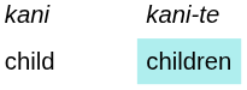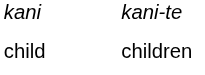 <table border="0" cellspacing="0" cellpadding="6" style="border-collapse:collapse">
 <tr>
 <td>   </td>
 <td><em>kani </em></td>
 <td>        </td>
 <td><em>kani-te</em></td>
 </tr>
 <tr>
 <td></td>
 <td>child</td>
 <td></td>
-<td style="background: paleturquoise;">children</td>
+<td>children</td>
 </tr>
 </table>
